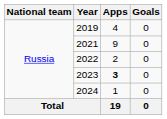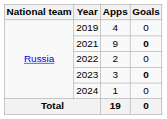 <table class=wikitable style=text-align:center>
 <tr>
 <th>National team</th>
 <th>Year</th>
 <th>Apps</th>
 <th>Goals</th>
 </tr>
 <tr>
 <td rowspan="5"><a href='#'>Russia</a></td>
 <td>2019</td>
 <td>4</td>
 <td>0</td>
 </tr>
 <tr>
 <td>2021</td>
 <td>9</td>
-<td>0</td>
+<td><strong>0</strong></td>
 </tr>
 <tr>
 <td>2022</td>
 <td>2</td>
 <td>0</td>
 </tr>
 <tr>
 <td>2023</td>
-<td><strong>3</strong></td>
-<td>0</td>
+<td>3</td>
+<td><strong>0</strong></td>
 </tr>
 <tr>
 <td>2024</td>
 <td>1</td>
 <td>0</td>
 </tr>
 <tr>
 <th colspan=2>Total</th>
 <th>19</th>
 <th>0</th>
 </tr>
 </table>
